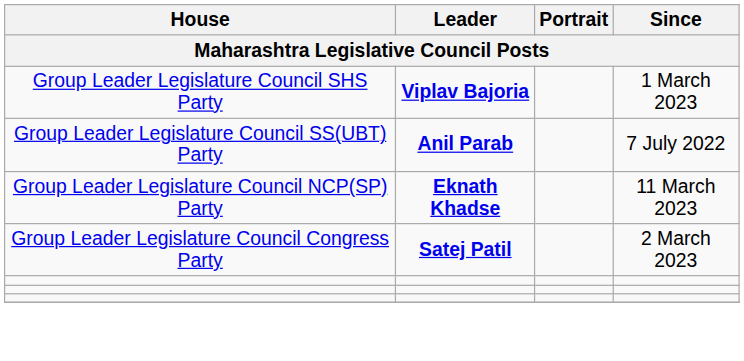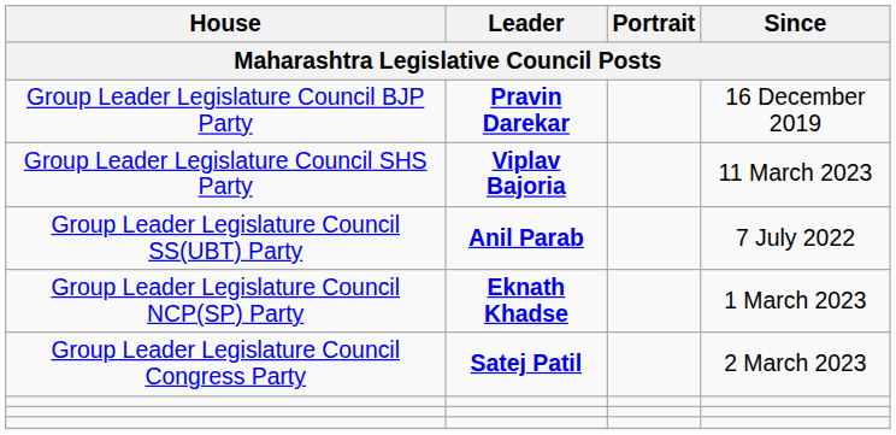 <table class="wikitable" style="text-align:center">
 <tr>
 <th Style="background-color:">House</th>
 <th Style="background-color:">Leader</th>
 <th Style="background-color:">Portrait</th>
 <th Style="background-color:">Since</th>
 </tr>
 <tr>
 <th colspan=4>Maharashtra Legislative Council Posts</th>
 </tr>
 <tr>
+<td><a href='#'>Group Leader Legislature Council BJP Party</a></td>
+<td><strong><a href='#'>Pravin Darekar</a></strong></td>
+<td></td>
+<td>16 December 2019</td>
+</tr>
+<tr>
 <td><a href='#'>Group Leader Legislature Council SHS Party</a></td>
 <td><strong><a href='#'>Viplav Bajoria</a></strong></td>
 <td></td>
-<td>1 March 2023</td>
+<td>11 March 2023</td>
 </tr>
 <tr>
 <td><a href='#'>Group Leader Legislature Council SS(UBT) Party</a></td>
 <td><strong><a href='#'>Anil Parab</a></strong></td>
 <td></td>
 <td>7 July 2022</td>
 </tr>
 <tr>
 <td><a href='#'>Group Leader Legislature Council NCP(SP) Party</a></td>
 <td><strong><a href='#'>Eknath Khadse</a></strong></td>
 <td></td>
-<td>11 March 2023</td>
+<td>1 March 2023</td>
 </tr>
 <tr>
 <td><a href='#'>Group Leader Legislature Council Congress Party</a></td>
 <td><strong><a href='#'>Satej Patil</a></strong></td>
 <td></td>
 <td>2 March 2023</td>
 </tr>
 <tr>
 <td></td>
 <td></td>
 <td></td>
 <td></td>
 </tr>
 <tr>
 <td></td>
 <td></td>
 <td></td>
 <td></td>
 </tr>
 <tr>
 <td></td>
 <td></td>
 <td></td>
 <td></td>
 </tr>
 <tr>
 </tr>
 </table>
